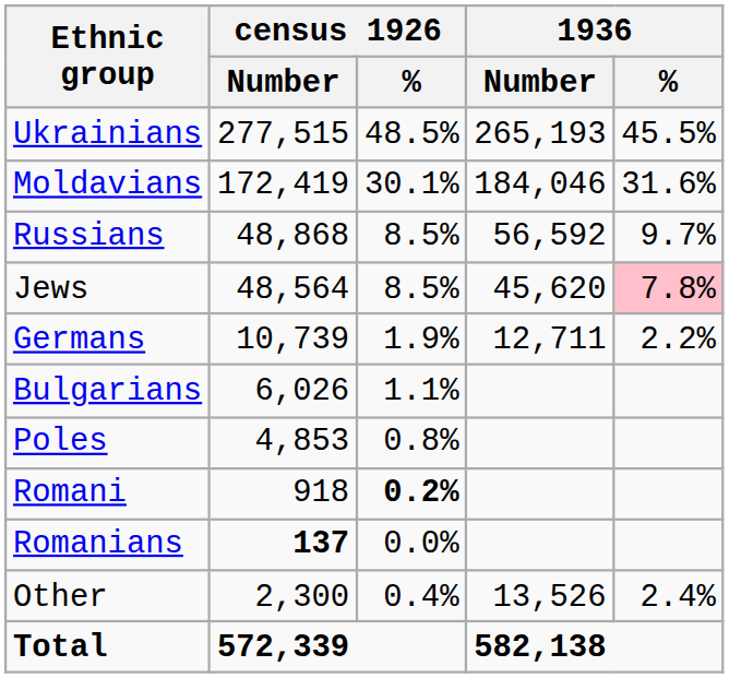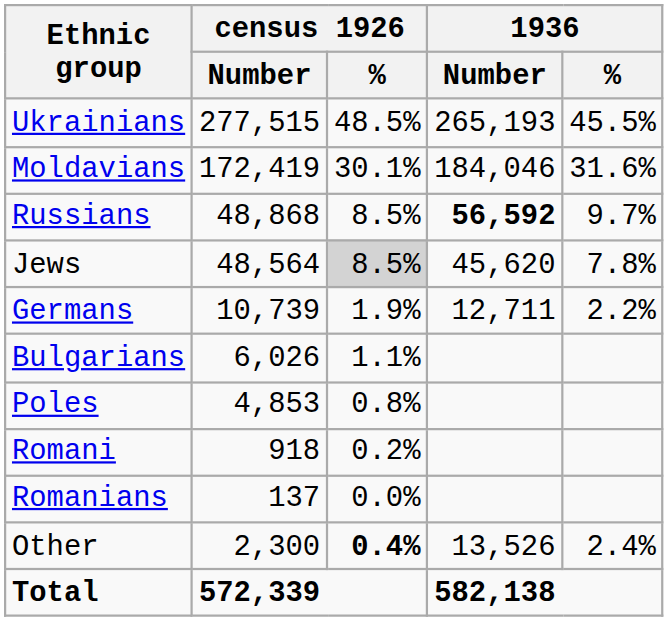 <table class="wikitable">
 <tr>
 <th rowspan="2">Ethnic<br>group</th>
 <th colspan="2">census 1926</th>
 <th colspan="2">1936</th>
 </tr>
 <tr>
 <th>Number</th>
 <th>%</th>
 <th>Number</th>
 <th>%</th>
 </tr>
 <tr>
 <td><a href='#'>Ukrainians</a></td>
 <td align="right">277,515</td>
 <td align="right">48.5%</td>
 <td align="right">265,193</td>
 <td align="right">45.5%</td>
 </tr>
 <tr>
 <td><a href='#'>Moldavians</a></td>
 <td align="right">172,419</td>
 <td align="right">30.1%</td>
 <td align="right">184,046</td>
 <td align="right">31.6%</td>
 </tr>
 <tr>
 <td><a href='#'>Russians</a></td>
 <td align="right">48,868</td>
 <td align="right">8.5%</td>
-<td align="right">56,592</td>
+<td align="right"><strong>56,592</strong></td>
 <td align="right">9.7%</td>
 </tr>
 <tr>
 <td>Jews</td>
 <td align="right">48,564</td>
-<td align="right">8.5%</td>
+<td align="right" style="background: lightgrey;">8.5%</td>
 <td align="right">45,620</td>
-<td align="right" style="background: pink;">7.8%</td>
+<td align="right">7.8%</td>
 </tr>
 <tr>
 <td><a href='#'>Germans</a></td>
 <td align="right">10,739</td>
 <td align="right">1.9%</td>
 <td align="right">12,711</td>
 <td align="right">2.2%</td>
 </tr>
 <tr>
 <td><a href='#'>Bulgarians</a></td>
 <td align="right">6,026</td>
 <td align="right">1.1%</td>
 <td align="right"></td>
 <td align="right"></td>
 </tr>
 <tr>
 <td><a href='#'>Poles</a></td>
 <td align="right">4,853</td>
 <td align="right">0.8%</td>
 <td align="right"></td>
 <td align="right"></td>
 </tr>
 <tr>
 <td><a href='#'>Romani</a></td>
 <td align="right">918</td>
-<td align="right"><strong>0.2%</strong></td>
+<td align="right">0.2%</td>
 <td align="right"></td>
 <td align="right"></td>
 </tr>
 <tr>
 <td><a href='#'>Romanians</a></td>
-<td align="right"><strong>137</strong></td>
+<td align="right">137</td>
 <td align="right">0.0%</td>
 <td align="right"></td>
 <td align="right"></td>
 </tr>
 <tr>
 <td>Other</td>
 <td align="right">2,300</td>
-<td align="right">0.4%</td>
+<td align="right"><strong>0.4%</strong></td>
 <td align="right">13,526</td>
 <td align="right">2.4%</td>
 </tr>
 <tr>
 <td align="left"><strong>Total</strong></td>
 <td colspan="2"><strong>572,339</strong></td>
 <td colspan="2"><strong>582,138</strong></td>
 </tr>
 </table>
